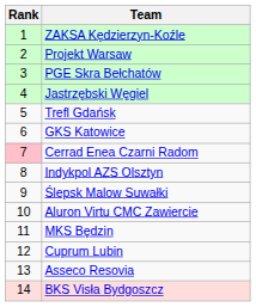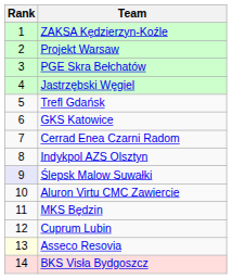 <table class="wikitable" style="white-space: nowrap; width:25%;">
 <tr>
 <th width=15%>Rank</th>
 <th>Team</th>
 </tr>
 <tr bgcolor=#CCFFCC>
 <td style="text-align:center;">1</td>
 <td><a href='#'>ZAKSA Kędzierzyn-Koźle</a></td>
 </tr>
 <tr bgcolor=#CCFFCC>
 <td style="text-align:center;">2</td>
 <td><a href='#'>Projekt Warsaw</a></td>
 </tr>
 <tr bgcolor=#CCFFCC>
 <td style="text-align:center;">3</td>
 <td><a href='#'>PGE Skra Bełchatów</a></td>
 </tr>
 <tr bgcolor=#CCFFCC>
 <td style="text-align:center;">4</td>
 <td><a href='#'>Jastrzębski Węgiel</a></td>
 </tr>
 <tr>
 <td style="text-align:center;">5</td>
 <td><a href='#'>Trefl Gdańsk</a></td>
 </tr>
 <tr>
 <td style="text-align:center;">6</td>
 <td><a href='#'>GKS Katowice</a></td>
 </tr>
 <tr>
-<td style="background: pink; text-align:center;">7</td>
+<td style="text-align:center;">7</td>
 <td><a href='#'>Cerrad Enea Czarni Radom</a></td>
 </tr>
 <tr>
 <td style="text-align:center;">8</td>
 <td><a href='#'>Indykpol AZS Olsztyn</a></td>
 </tr>
 <tr>
-<td style="text-align:center;">9</td>
+<td style="background: lavender; text-align:center;">9</td>
 <td><a href='#'>Ślepsk Malow Suwałki</a></td>
 </tr>
 <tr>
 <td style="text-align:center;">10</td>
 <td><a href='#'>Aluron Virtu CMC Zawiercie</a></td>
 </tr>
 <tr>
 <td style="text-align:center;">11</td>
 <td><a href='#'>MKS Będzin</a></td>
 </tr>
 <tr>
 <td style="text-align:center;">12</td>
 <td><a href='#'>Cuprum Lubin</a></td>
 </tr>
 <tr>
-<td style="text-align:center;">13</td>
+<td style="background: lightyellow; text-align:center;">13</td>
 <td><a href='#'>Asseco Resovia</a></td>
 </tr>
 <tr bgcolor=#FFDDDD>
 <td style="text-align:center;">14</td>
 <td><a href='#'>BKS Visła Bydgoszcz</a></td>
 </tr>
 </table>
